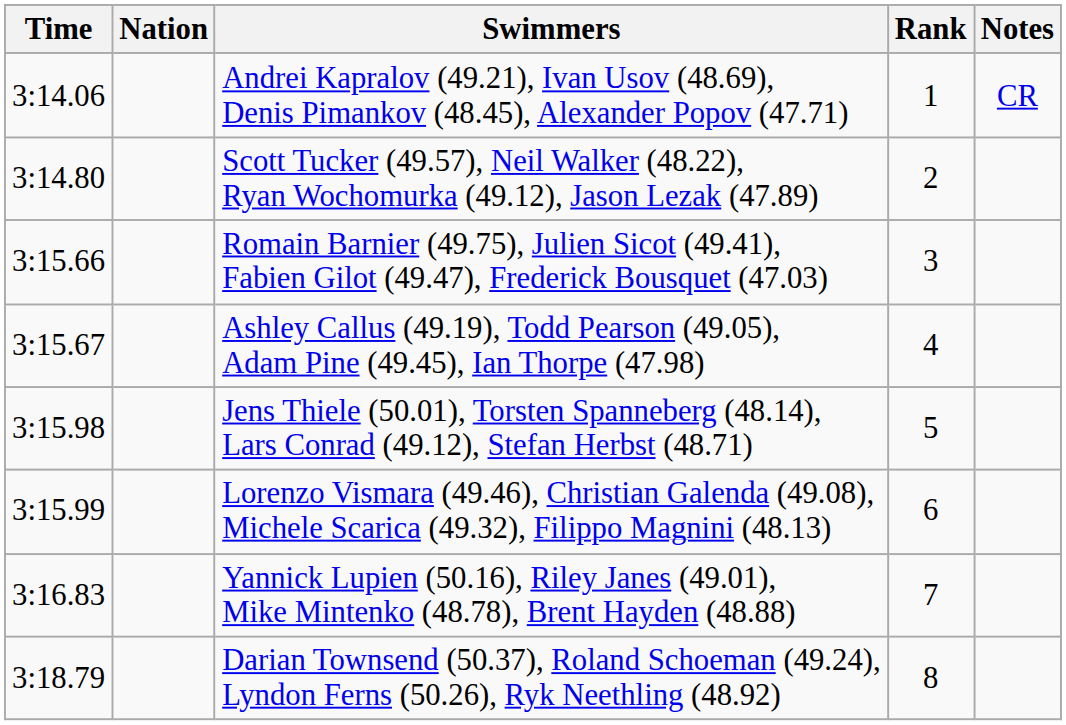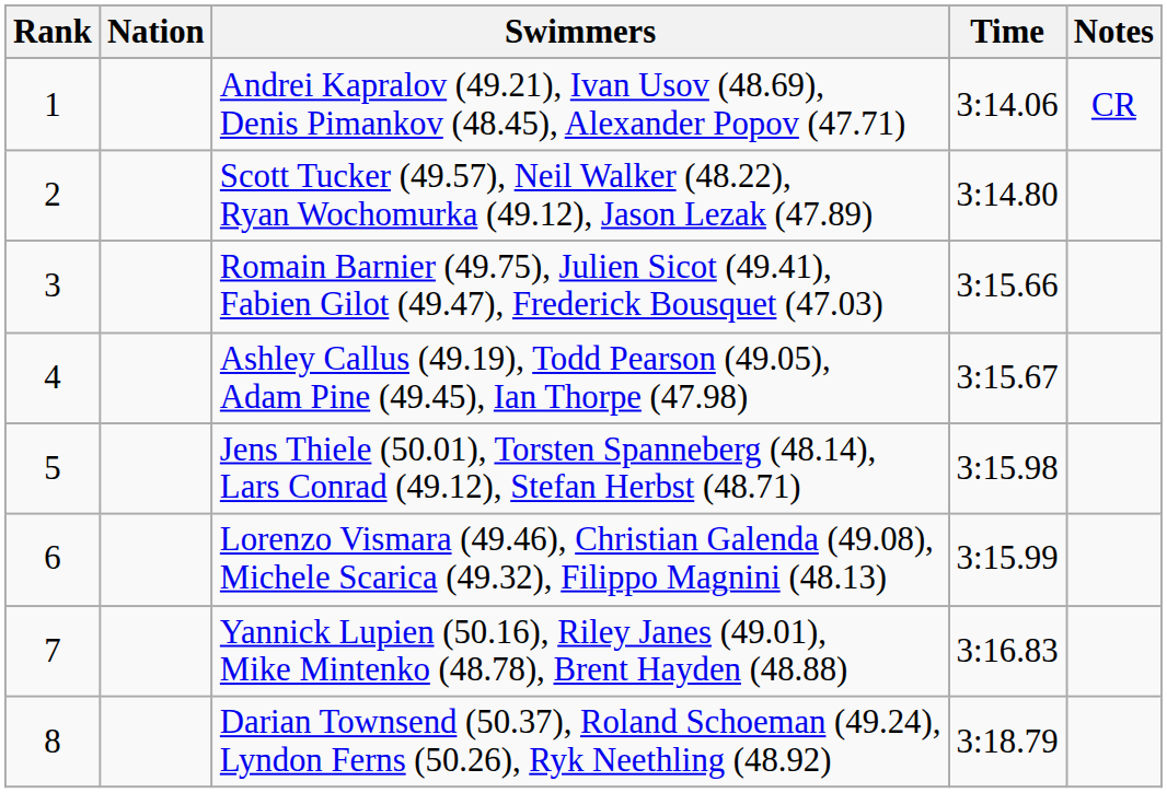 <table class="wikitable sortable" style="text-align:center">
 <tr>
-<th>Time</th>
+<th>Rank</th>
 <th>Nation</th>
 <th>Swimmers</th>
-<th>Rank</th>
+<th>Time</th>
 <th>Notes</th>
 </tr>
 <tr>
-<td>3:14.06</td>
+<td>1</td>
 <td align=left></td>
 <td align=left><a href='#'>Andrei Kapralov</a> (49.21), <a href='#'>Ivan Usov</a> (48.69),<br> <a href='#'>Denis Pimankov</a> (48.45), <a href='#'>Alexander Popov</a> (47.71)</td>
-<td>1</td>
+<td>3:14.06</td>
 <td><a href='#'>CR</a></td>
 </tr>
 <tr>
-<td>3:14.80</td>
+<td>2</td>
 <td align=left></td>
 <td align=left><a href='#'>Scott Tucker</a> (49.57), <a href='#'>Neil Walker</a> (48.22),<br> <a href='#'>Ryan Wochomurka</a> (49.12), <a href='#'>Jason Lezak</a> (47.89)</td>
-<td>2</td>
+<td>3:14.80</td>
 <td></td>
 </tr>
 <tr>
-<td>3:15.66</td>
+<td>3</td>
 <td align=left></td>
 <td align=left><a href='#'>Romain Barnier</a> (49.75), <a href='#'>Julien Sicot</a> (49.41),<br> <a href='#'>Fabien Gilot</a> (49.47), <a href='#'>Frederick Bousquet</a> (47.03)</td>
-<td>3</td>
+<td>3:15.66</td>
 <td></td>
 </tr>
 <tr>
-<td>3:15.67</td>
+<td>4</td>
 <td align=left></td>
 <td align=left><a href='#'>Ashley Callus</a> (49.19), <a href='#'>Todd Pearson</a> (49.05),<br> <a href='#'>Adam Pine</a> (49.45), <a href='#'>Ian Thorpe</a> (47.98)</td>
-<td>4</td>
+<td>3:15.67</td>
 <td></td>
 </tr>
 <tr>
-<td>3:15.98</td>
+<td>5</td>
 <td align=left></td>
 <td align=left><a href='#'>Jens Thiele</a> (50.01), <a href='#'>Torsten Spanneberg</a> (48.14),<br> <a href='#'>Lars Conrad</a> (49.12), <a href='#'>Stefan Herbst</a> (48.71)</td>
-<td>5</td>
+<td>3:15.98</td>
 <td></td>
 </tr>
 <tr>
-<td>3:15.99</td>
+<td>6</td>
 <td align=left></td>
 <td align=left><a href='#'>Lorenzo Vismara</a> (49.46), <a href='#'>Christian Galenda</a> (49.08),<br> <a href='#'>Michele Scarica</a> (49.32),  <a href='#'>Filippo Magnini</a> (48.13)</td>
-<td>6</td>
+<td>3:15.99</td>
 <td></td>
 </tr>
 <tr>
-<td>3:16.83</td>
+<td>7</td>
 <td align=left></td>
 <td align=left><a href='#'>Yannick Lupien</a> (50.16), <a href='#'>Riley Janes</a> (49.01),<br> <a href='#'>Mike Mintenko</a> (48.78), <a href='#'>Brent Hayden</a> (48.88)</td>
-<td>7</td>
+<td>3:16.83</td>
 <td></td>
 </tr>
 <tr>
-<td>3:18.79</td>
+<td>8</td>
 <td align=left></td>
 <td align=left><a href='#'>Darian Townsend</a> (50.37), <a href='#'>Roland Schoeman</a> (49.24),<br> <a href='#'>Lyndon Ferns</a> (50.26), <a href='#'>Ryk Neethling</a> (48.92)</td>
-<td>8</td>
+<td>3:18.79</td>
 <td></td>
 </tr>
 </table>
